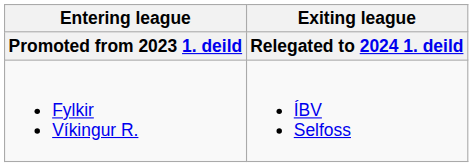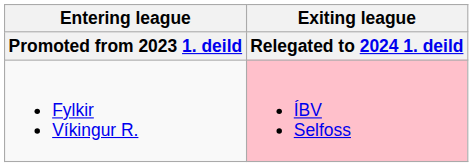 <table class="wikitable">
 <tr>
 <th>Entering league</th>
 <th>Exiting league</th>
 </tr>
 <tr>
 <th>Promoted from 2023 <a href='#'>1. deild</a></th>
 <th>Relegated to <a href='#'>2024 1. deild</a></th>
 </tr>
 <tr style="vertical-align:top;">
 <td><br><ul><li><a href='#'>Fylkir</a></li><li><a href='#'>Víkingur R.</a></li></ul></td>
-<td><br><ul><li><a href='#'>ÍBV</a></li><li><a href='#'>Selfoss</a></li></ul></td>
+<td style="background: pink;"><br><ul><li><a href='#'>ÍBV</a></li><li><a href='#'>Selfoss</a></li></ul></td>
 </tr>
 </table>
